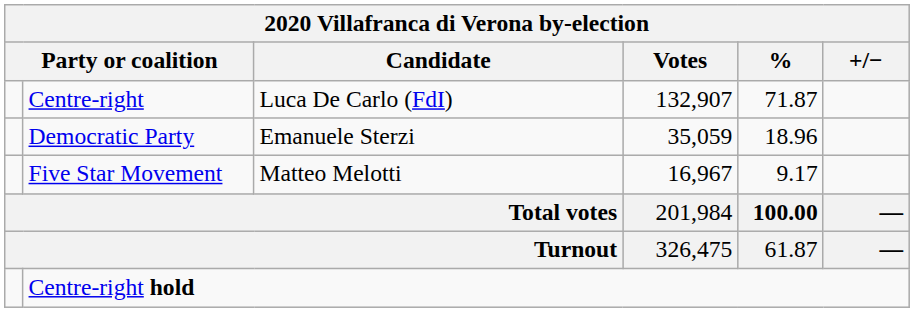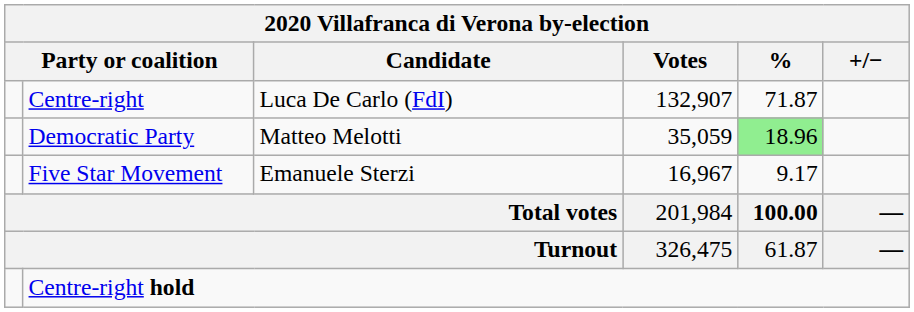 <table class="wikitable" style="font-size:99%;">
 <tr>
 <td colspan="6" style="background-color:#F2F2F2; text-align:center;"><strong>2020 Villafranca di Verona by-election</strong></td>
 </tr>
 <tr>
 <th colspan="2" style="width: 160px;">Party or coalition</th>
 <th style="width: 240px;">Candidate</th>
 <th style="width: 70px;">Votes</th>
 <th style="width: 50px;">%</th>
 <th style="width: 50px;">+/−</th>
 </tr>
 <tr>
 <td style="width: 5px;background-color:"></td>
 <td><a href='#'>Centre-right</a></td>
 <td>Luca De Carlo (<a href='#'>FdI</a>)</td>
 <td style="text-align:right;">132,907</td>
 <td style="text-align:right;">71.87</td>
 <td style="text-align:right;"></td>
 </tr>
 <tr>
 <td style="background-color:"></td>
 <td><a href='#'>Democratic Party</a></td>
-<td>Emanuele Sterzi</td>
+<td>Matteo Melotti</td>
 <td style="text-align:right;">35,059</td>
-<td style="text-align:right;">18.96</td>
+<td style="background: lightgreen; text-align:right;">18.96</td>
 <td style="text-align:right;"></td>
 </tr>
 <tr>
 <td style="background-color:"></td>
 <td><a href='#'>Five Star Movement</a></td>
-<td>Matteo Melotti</td>
+<td>Emanuele Sterzi</td>
 <td style="text-align:right;">16,967</td>
 <td style="text-align:right;">9.17</td>
 <td style="text-align:right;"></td>
 </tr>
 <tr>
 <td colspan="3" style="background-color:#F2F2F2; text-align:right;"><strong>Total votes</strong></td>
 <td style="background-color:#F2F2F2; text-align:right;">201,984</td>
 <td style="background-color:#F2F2F2; text-align:right;"><strong>100.00</strong></td>
 <td style="background-color:#F2F2F2; text-align:right;"><strong>—</strong></td>
 </tr>
 <tr>
 <td colspan="3" style="background-color:#F2F2F2; text-align:right;"><strong>Turnout</strong></td>
 <td style="background-color:#F2F2F2; text-align:right;">326,475</td>
 <td style="background-color:#F2F2F2; text-align:right;">61.87</td>
 <td style="background-color:#F2F2F2; text-align:right;"><strong>—</strong></td>
 </tr>
 <tr>
 <td style="background-color:"></td>
 <td colspan="5" style="text-align:left;"><a href='#'>Centre-right</a> <strong>hold</strong></td>
 </tr>
 </table>
